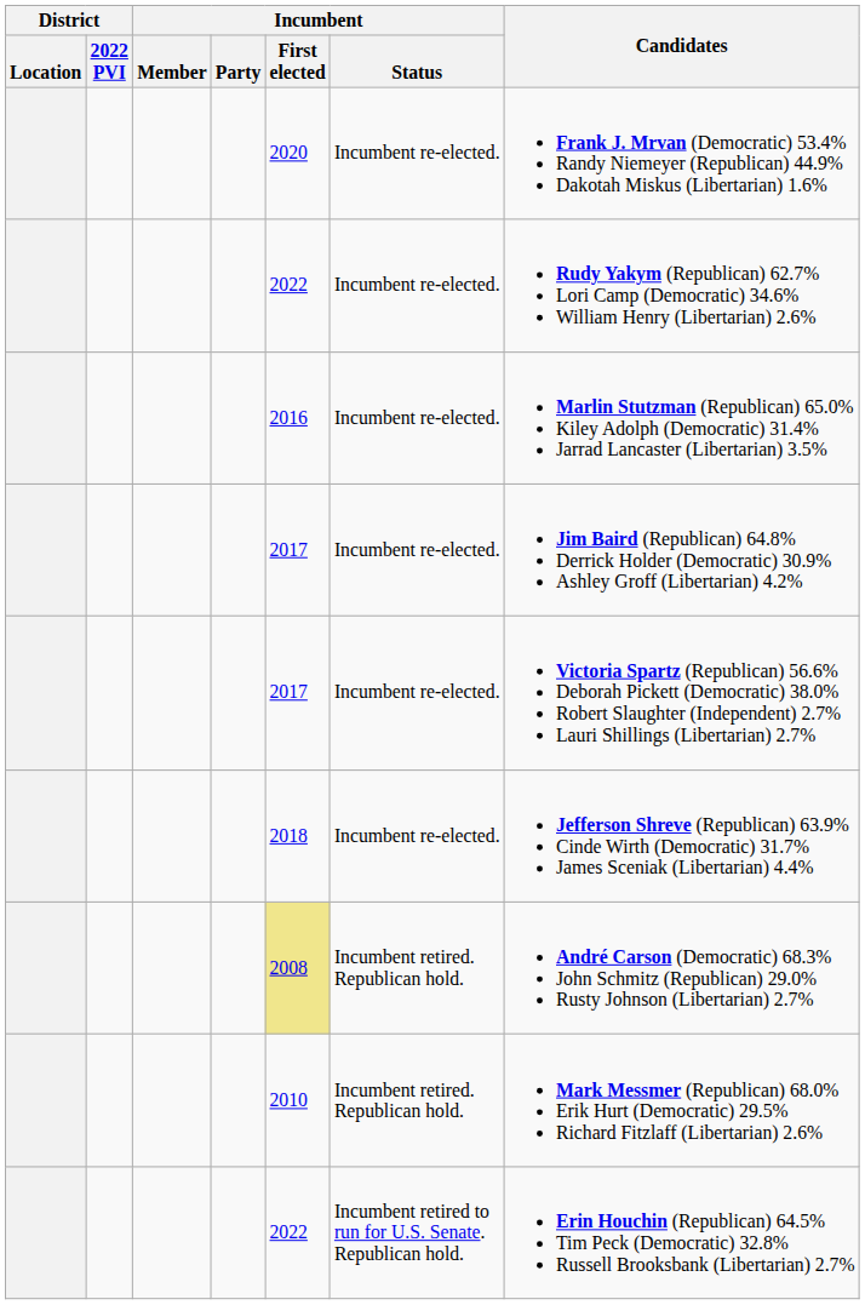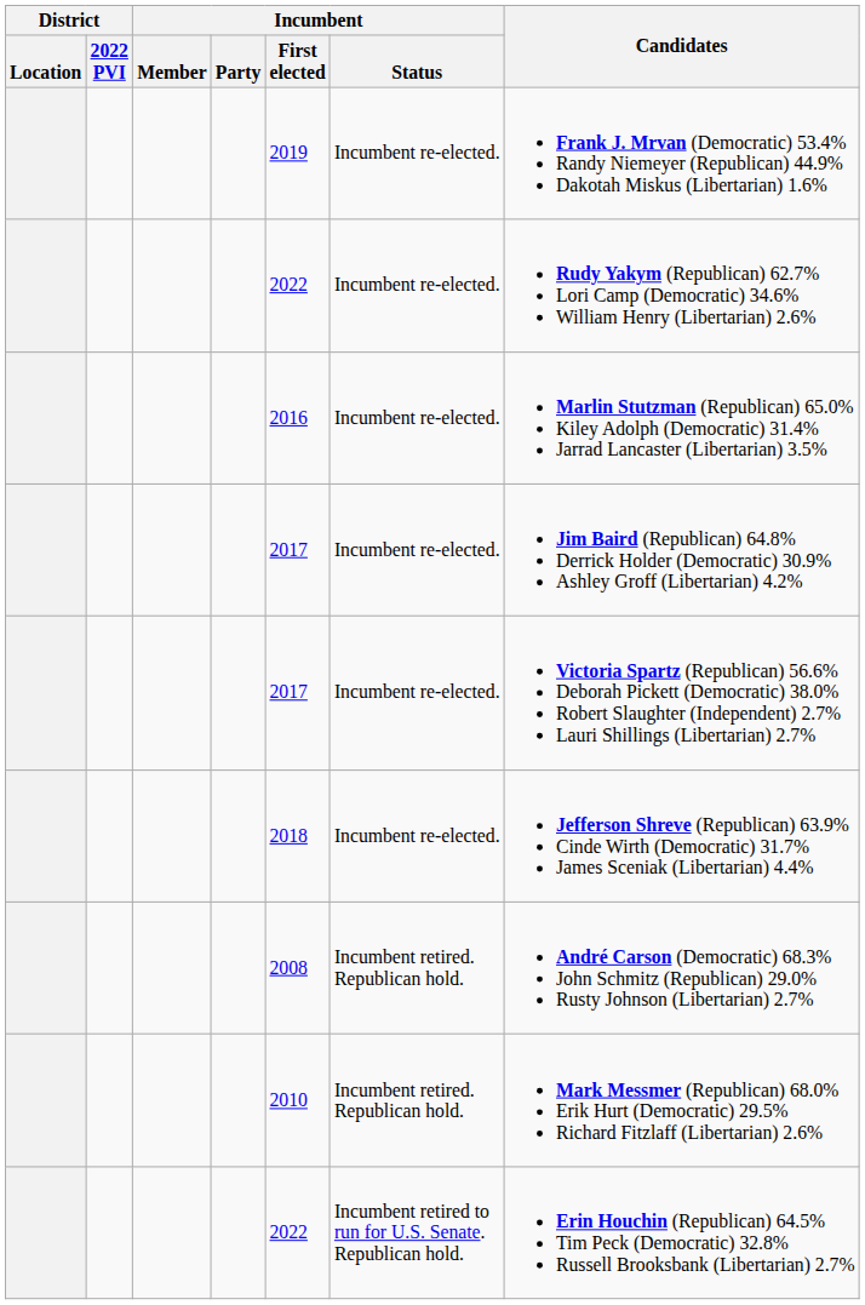 <table class="wikitable sortable">
 <tr>
 <th colspan=2>District</th>
 <th colspan=4>Incumbent</th>
 <th rowspan=2 class="unsortable">Candidates</th>
 </tr>
 <tr valign=bottom>
 <th>Location</th>
 <th><a href='#'>2022<br>PVI</a></th>
 <th>Member</th>
 <th>Party</th>
 <th>First<br>elected</th>
 <th>Status</th>
 </tr>
 <tr>
 <th></th>
 <td></td>
 <td></td>
 <td></td>
-<td><a href='#'>2020</a></td>
+<td><a href='#'>2019</a></td>
 <td>Incumbent re-elected.</td>
 <td nowrap><br><ul><li> <strong><a href='#'>Frank J. Mrvan</a></strong> (Democratic) 53.4%</li><li>Randy Niemeyer (Republican) 44.9%</li><li>Dakotah Miskus (Libertarian) 1.6%</li></ul></td>
 </tr>
 <tr>
 <th></th>
 <td></td>
 <td></td>
 <td></td>
 <td><a href='#'>2022 </a></td>
 <td>Incumbent re-elected.</td>
 <td nowrap><br><ul><li> <strong><a href='#'>Rudy Yakym</a></strong> (Republican) 62.7%</li><li>Lori Camp (Democratic) 34.6%</li><li>William Henry (Libertarian) 2.6%</li></ul></td>
 </tr>
 <tr>
 <th></th>
 <td></td>
 <td></td>
 <td></td>
 <td><a href='#'>2016</a></td>
 <td>Incumbent re-elected.</td>
 <td nowrap><br><ul><li> <strong><a href='#'>Marlin Stutzman</a></strong> (Republican) 65.0%</li><li>Kiley Adolph (Democratic) 31.4%</li><li>Jarrad Lancaster (Libertarian) 3.5%</li></ul></td>
 </tr>
 <tr>
 <th></th>
 <td></td>
 <td></td>
 <td></td>
 <td><a href='#'>2017</a></td>
 <td>Incumbent re-elected.</td>
 <td nowrap><br><ul><li> <strong><a href='#'>Jim Baird</a></strong> (Republican) 64.8%</li><li>Derrick Holder (Democratic) 30.9%</li><li>Ashley Groff (Libertarian) 4.2%</li></ul></td>
 </tr>
 <tr>
 <th></th>
 <td></td>
 <td></td>
 <td></td>
 <td><a href='#'>2017</a></td>
 <td>Incumbent re-elected.</td>
 <td nowrap><br><ul><li> <strong><a href='#'>Victoria Spartz</a></strong> (Republican) 56.6%</li><li>Deborah Pickett (Democratic) 38.0%</li><li>Robert Slaughter (Independent) 2.7%</li><li>Lauri Shillings (Libertarian) 2.7%</li></ul></td>
 </tr>
 <tr>
 <th></th>
 <td></td>
 <td></td>
 <td></td>
 <td><a href='#'>2018</a></td>
 <td>Incumbent re-elected.</td>
 <td nowrap><br><ul><li> <strong><a href='#'>Jefferson Shreve</a></strong> (Republican) 63.9%</li><li>Cinde Wirth (Democratic) 31.7%</li><li>James Sceniak (Libertarian) 4.4%</li></ul></td>
 </tr>
 <tr>
 <th></th>
 <td></td>
 <td></td>
 <td></td>
-<td style="background: khaki;"><a href='#'>2008 </a></td>
+<td><a href='#'>2008 </a></td>
 <td>Incumbent retired.<br>Republican hold.</td>
 <td nowrap><br><ul><li> <strong><a href='#'>André Carson</a></strong> (Democratic) 68.3%</li><li>John Schmitz (Republican) 29.0%</li><li>Rusty Johnson (Libertarian) 2.7%</li></ul></td>
 </tr>
 <tr>
 <th></th>
 <td></td>
 <td></td>
 <td></td>
 <td><a href='#'>2010</a></td>
 <td>Incumbent retired.<br>Republican hold.</td>
 <td nowrap><br><ul><li> <strong><a href='#'>Mark Messmer</a></strong> (Republican) 68.0%</li><li>Erik Hurt (Democratic) 29.5%</li><li>Richard Fitzlaff (Libertarian) 2.6%</li></ul></td>
 </tr>
 <tr>
 <th></th>
 <td></td>
 <td></td>
 <td></td>
 <td><a href='#'>2022</a></td>
 <td>Incumbent retired to<br><a href='#'>run for U.S. Senate</a>.<br>Republican hold.</td>
 <td nowrap><br><ul><li> <strong><a href='#'>Erin Houchin</a></strong> (Republican) 64.5%</li><li>Tim Peck (Democratic) 32.8%</li><li>Russell Brooksbank (Libertarian) 2.7%</li></ul></td>
 </tr>
 </table>
